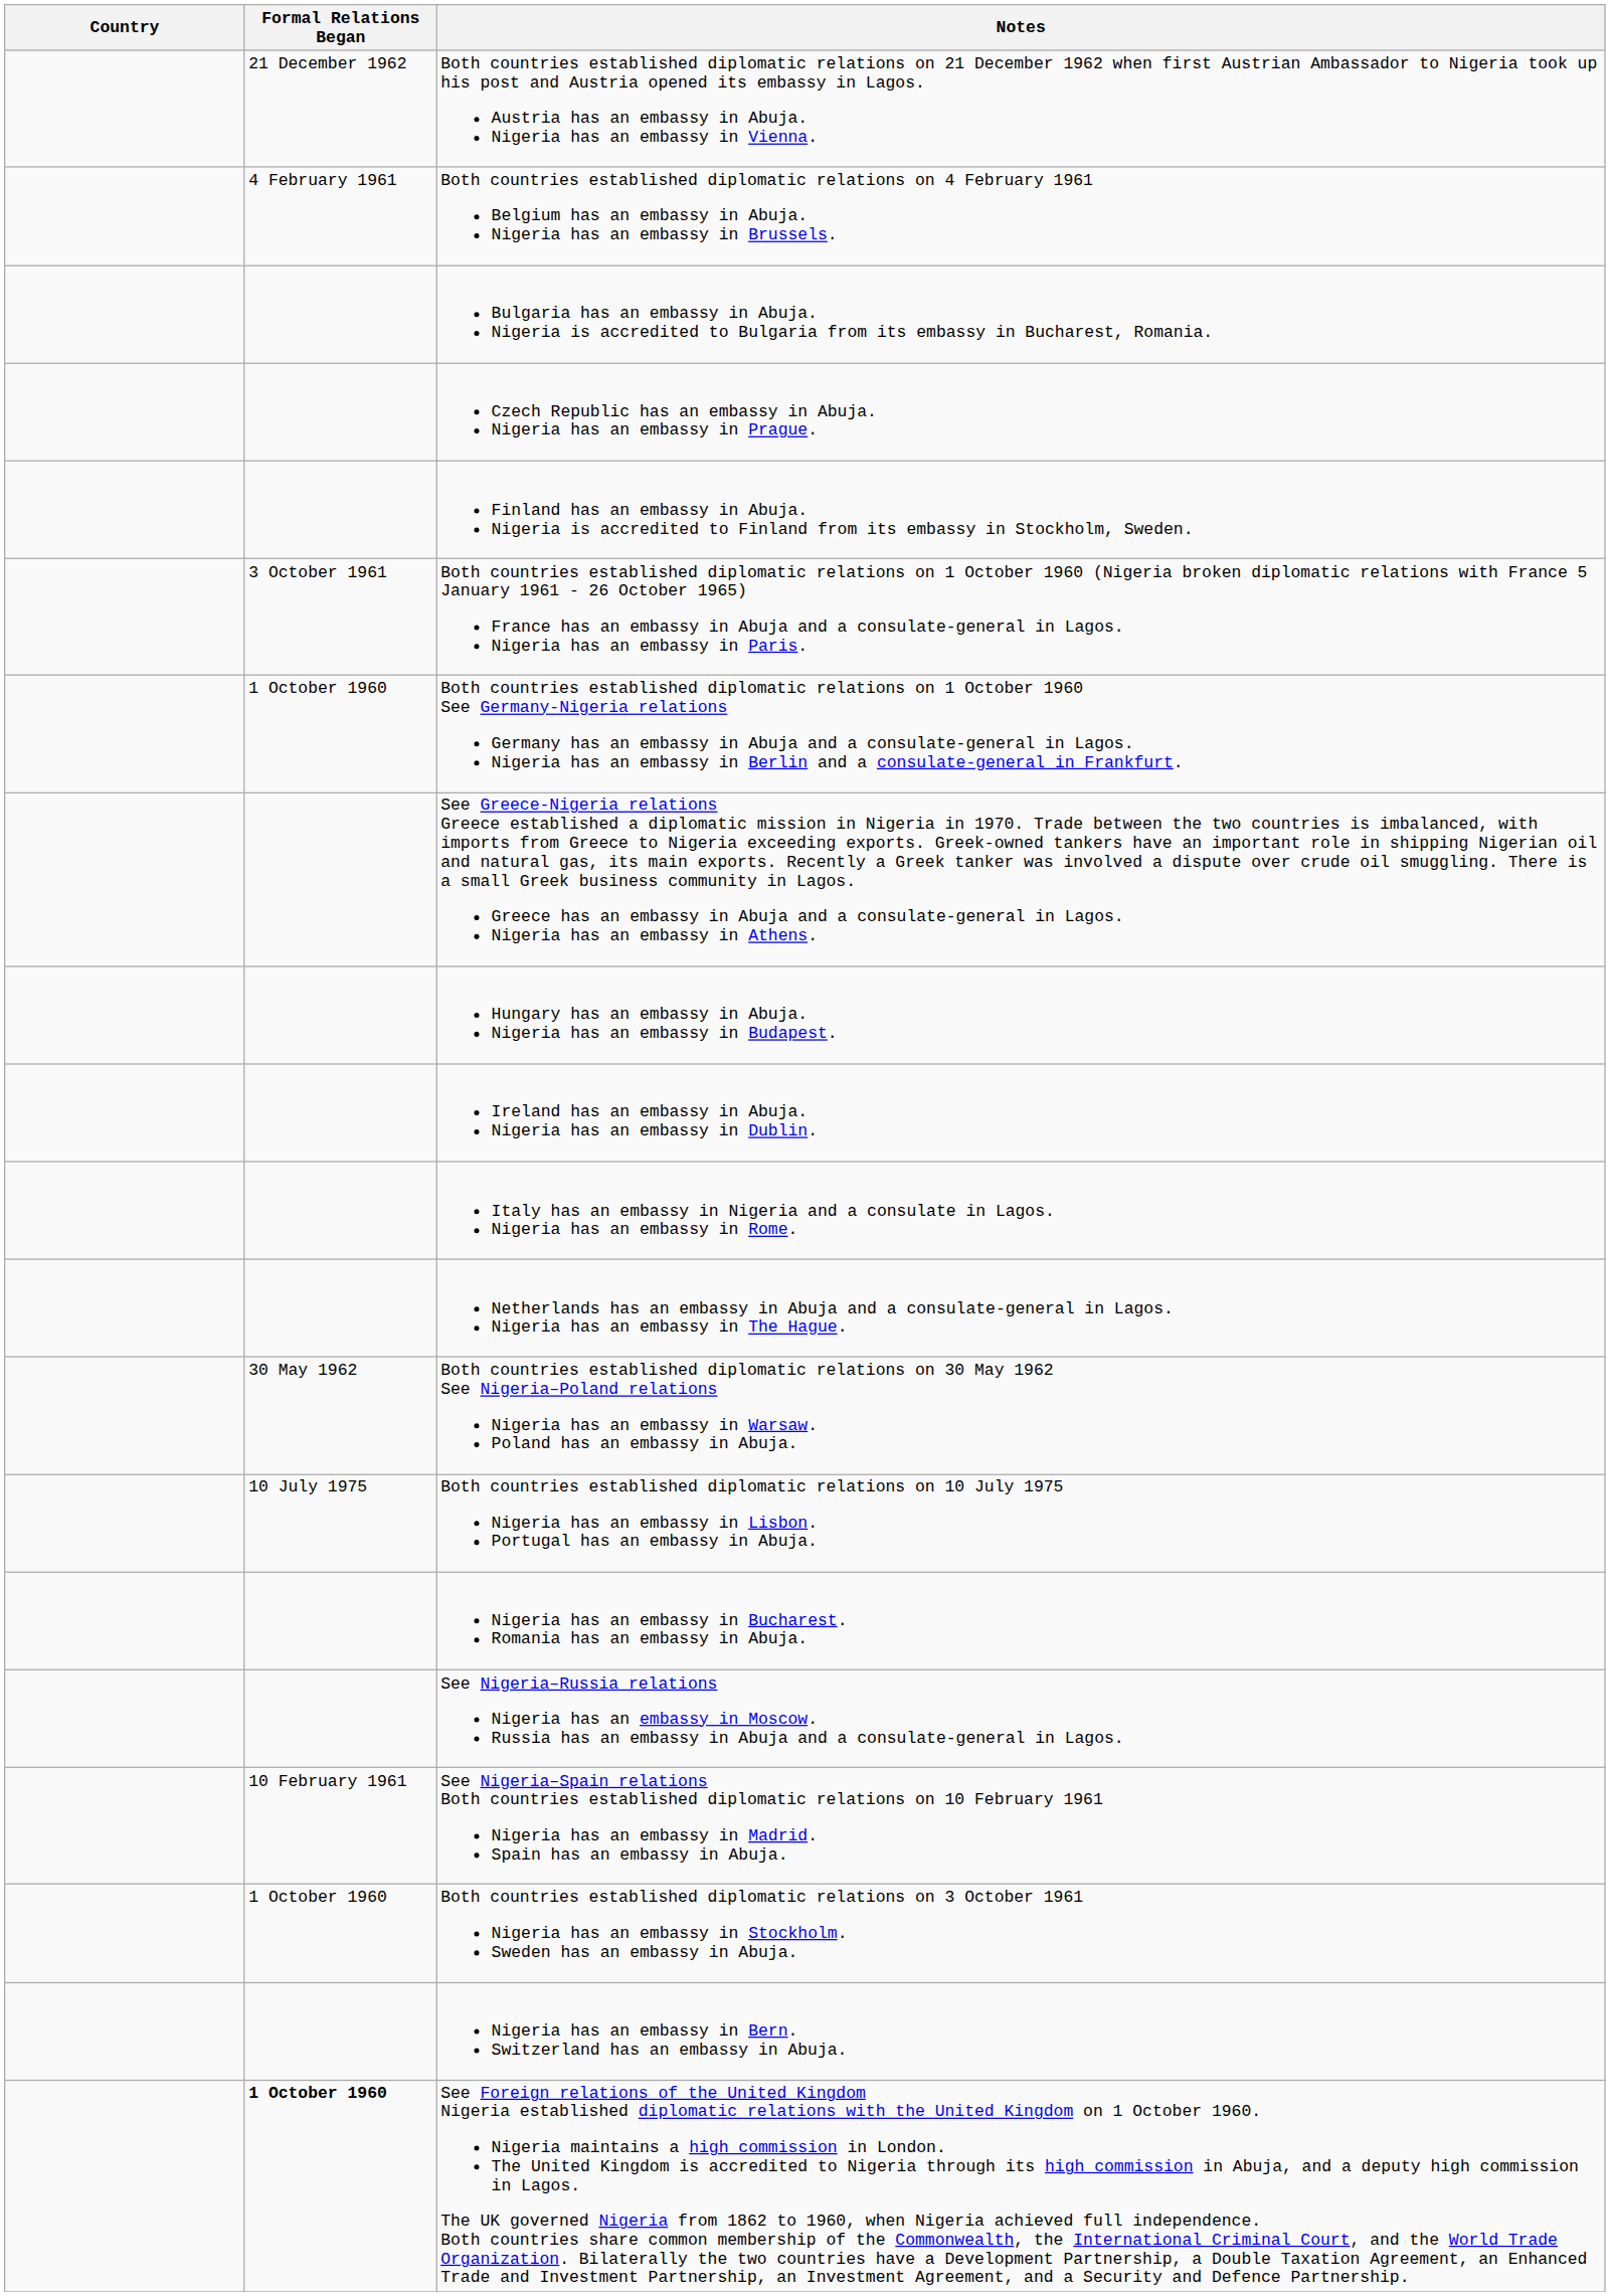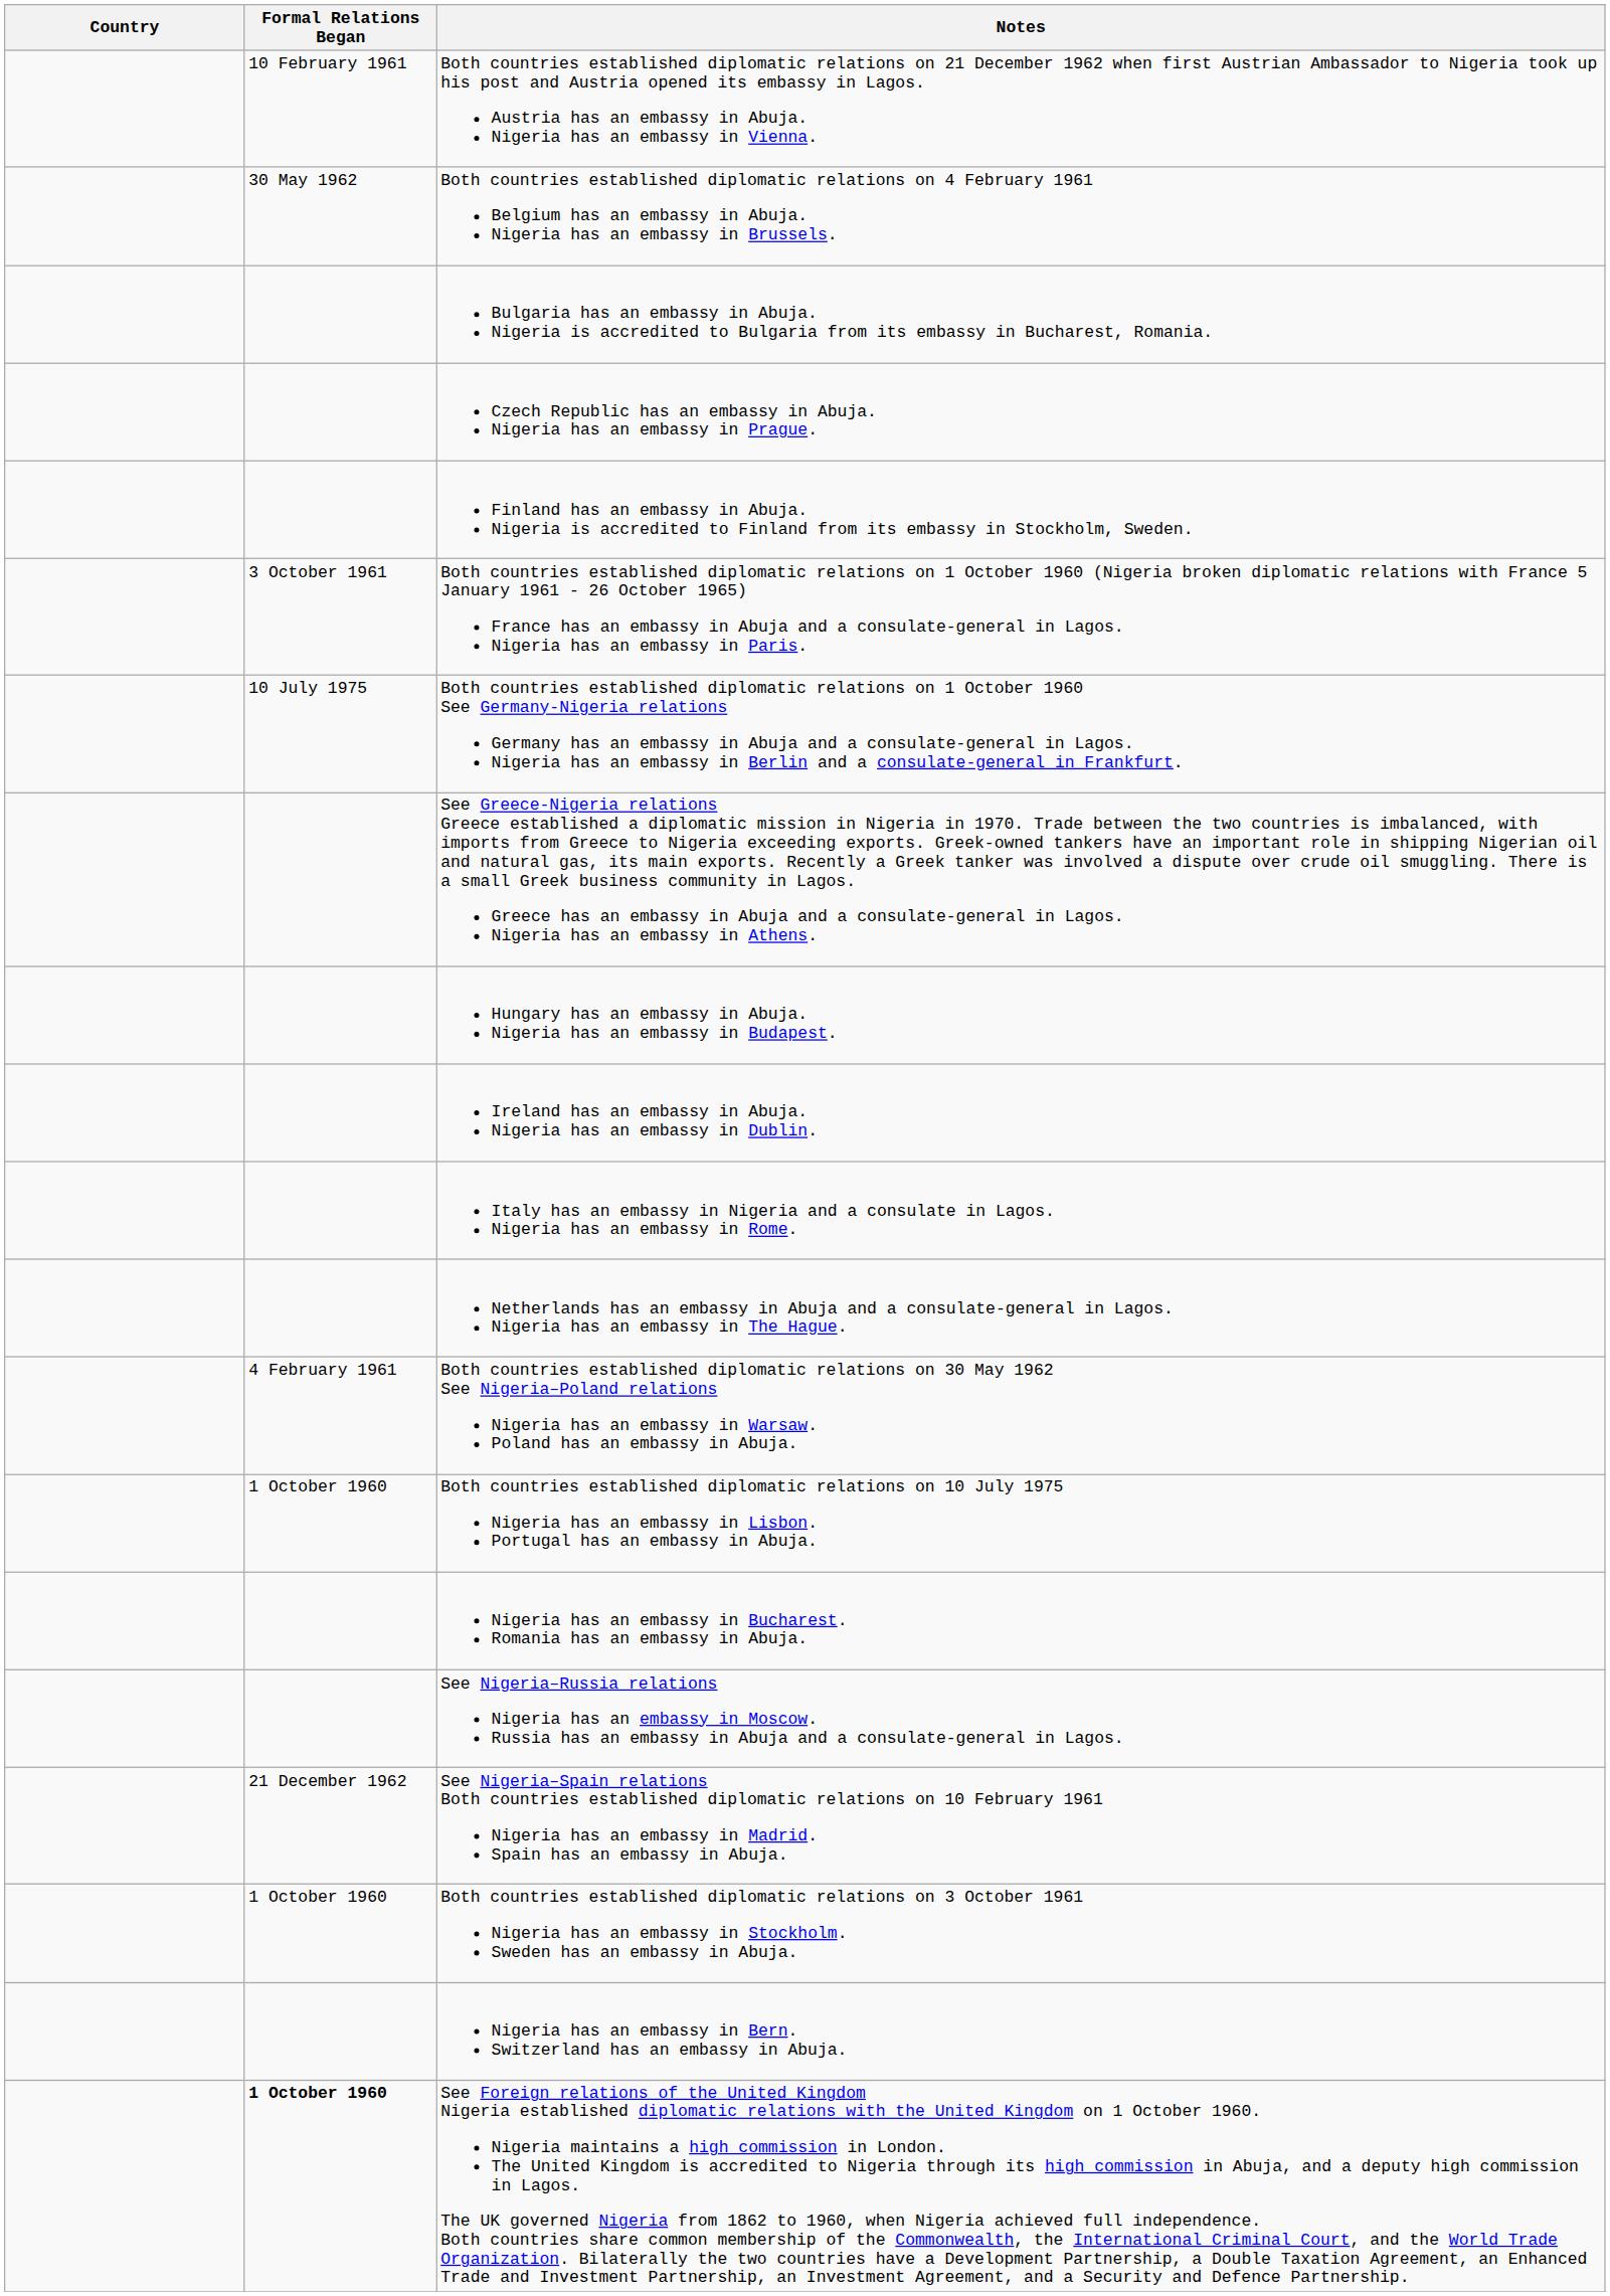 <table class="wikitable sortable" style="width:100%; margin:auto;">
 <tr>
 <th style="width:15%;">Country</th>
 <th style="width:12%;">Formal Relations Began</th>
 <th>Notes</th>
 </tr>
 <tr valign="top">
 <td></td>
-<td>21 December 1962</td>
+<td>10 February 1961</td>
 <td>Both countries established diplomatic relations on 21 December 1962 when first Austrian Ambassador to Nigeria took up his post and Austria opened its embassy in Lagos.<br><ul><li>Austria has an embassy in Abuja.</li><li>Nigeria has an embassy in <a href='#'>Vienna</a>.</li></ul></td>
 </tr>
 <tr valign="top">
 <td></td>
-<td>4 February 1961</td>
+<td>30 May 1962</td>
 <td>Both countries established diplomatic relations on 4 February 1961<br><ul><li>Belgium has an embassy in Abuja.</li><li>Nigeria has an embassy in <a href='#'>Brussels</a>.</li></ul></td>
 </tr>
 <tr valign="top">
 <td></td>
 <td></td>
 <td><br><ul><li>Bulgaria has an embassy in Abuja.</li><li>Nigeria is accredited to Bulgaria from its embassy in Bucharest, Romania.</li></ul></td>
 </tr>
 <tr valign="top">
 <td></td>
 <td></td>
 <td><br><ul><li>Czech Republic has an embassy in Abuja.</li><li>Nigeria has an embassy in <a href='#'>Prague</a>.</li></ul></td>
 </tr>
 <tr valign="top">
 <td></td>
 <td></td>
 <td><br><ul><li>Finland has an embassy in Abuja.</li><li>Nigeria is accredited to Finland from its embassy in Stockholm, Sweden.</li></ul></td>
 </tr>
 <tr valign="top">
 <td></td>
 <td>3 October 1961</td>
 <td>Both countries established diplomatic relations on 1 October 1960 (Nigeria broken diplomatic relations with France 5 January 1961 - 26 October 1965)<br><ul><li>France has an embassy in Abuja and a consulate-general in Lagos.</li><li>Nigeria has an embassy in <a href='#'>Paris</a>.</li></ul></td>
 </tr>
 <tr valign="top">
 <td></td>
-<td>1 October 1960</td>
+<td>10 July 1975</td>
 <td>Both countries established diplomatic relations on 1 October 1960<br>See <a href='#'>Germany-Nigeria relations</a><ul><li>Germany has an embassy in Abuja and a consulate-general in Lagos.</li><li>Nigeria has an embassy in <a href='#'>Berlin</a> and a <a href='#'>consulate-general in Frankfurt</a>.</li></ul></td>
 </tr>
 <tr valign="top">
 <td></td>
 <td></td>
 <td>See <a href='#'>Greece-Nigeria relations</a><br>Greece established a diplomatic mission in Nigeria in 1970. Trade between the two countries is imbalanced, with imports from Greece to Nigeria exceeding exports. Greek-owned tankers have an important role in shipping Nigerian oil and natural gas, its main exports. Recently a Greek tanker was involved a dispute over crude oil smuggling. There is a small Greek business community in Lagos.<ul><li>Greece has an embassy in Abuja and a consulate-general in Lagos.</li><li>Nigeria has an embassy in <a href='#'>Athens</a>.</li></ul></td>
 </tr>
 <tr valign="top">
 <td></td>
 <td></td>
 <td><br><ul><li>Hungary has an embassy in Abuja.</li><li>Nigeria has an embassy in <a href='#'>Budapest</a>.</li></ul></td>
 </tr>
 <tr valign="top">
 <td></td>
 <td></td>
 <td><br><ul><li>Ireland has an embassy in Abuja.</li><li>Nigeria has an embassy in <a href='#'>Dublin</a>.</li></ul></td>
 </tr>
 <tr valign="top">
 <td></td>
 <td></td>
 <td><br><ul><li>Italy has an embassy in Nigeria and a consulate in Lagos.</li><li>Nigeria has an embassy in <a href='#'>Rome</a>.</li></ul></td>
 </tr>
 <tr valign="top">
 <td></td>
 <td></td>
 <td><br><ul><li>Netherlands has an embassy in Abuja and a consulate-general in Lagos.</li><li>Nigeria has an embassy in <a href='#'>The Hague</a>.</li></ul></td>
 </tr>
 <tr valign="top">
 <td></td>
-<td>30 May 1962</td>
+<td>4 February 1961</td>
 <td>Both countries established diplomatic relations on 30 May 1962<br>See <a href='#'>Nigeria–Poland relations</a><ul><li>Nigeria has an embassy in <a href='#'>Warsaw</a>.</li><li>Poland has an embassy in Abuja.</li></ul></td>
 </tr>
 <tr valign="top">
 <td></td>
-<td>10 July 1975</td>
+<td>1 October 1960</td>
 <td>Both countries established diplomatic relations on 10 July 1975<br><ul><li>Nigeria has an embassy in <a href='#'>Lisbon</a>.</li><li>Portugal has an embassy in Abuja.</li></ul></td>
 </tr>
 <tr valign="top">
 <td></td>
 <td></td>
 <td><br><ul><li>Nigeria has an embassy in <a href='#'>Bucharest</a>.</li><li>Romania has an embassy in Abuja.</li></ul></td>
 </tr>
 <tr valign="top">
 <td></td>
 <td></td>
 <td>See <a href='#'>Nigeria–Russia relations</a><br><ul><li>Nigeria has an <a href='#'>embassy in Moscow</a>.</li><li>Russia has an embassy in Abuja and a consulate-general in Lagos.</li></ul></td>
 </tr>
 <tr valign="top">
 <td></td>
-<td>10 February 1961</td>
+<td>21 December 1962</td>
 <td>See <a href='#'>Nigeria–Spain relations</a><br>Both countries established diplomatic relations on 10 February 1961<ul><li>Nigeria has an embassy in <a href='#'>Madrid</a>.</li><li>Spain has an embassy in Abuja.</li></ul></td>
 </tr>
 <tr valign="top">
 <td></td>
 <td>1 October 1960</td>
 <td>Both countries established diplomatic relations on 3 October 1961<br><ul><li>Nigeria has an embassy in <a href='#'>Stockholm</a>.</li><li>Sweden has an embassy in Abuja.</li></ul></td>
 </tr>
 <tr valign="top">
 <td></td>
 <td></td>
 <td><br><ul><li>Nigeria has an embassy in <a href='#'>Bern</a>.</li><li>Switzerland has an embassy in Abuja.</li></ul></td>
 </tr>
 <tr valign="top">
 <td></td>
 <td><strong>1 October 1960</strong></td>
 <td>See <a href='#'>Foreign relations of the United Kingdom</a><br>Nigeria established <a href='#'>diplomatic relations with the United Kingdom</a> on 1 October 1960.<ul><li>Nigeria maintains a <a href='#'>high commission</a> in London.</li><li>The United Kingdom is accredited to Nigeria through its <a href='#'>high commission</a> in Abuja, and a deputy high commission in Lagos.</li></ul>The UK governed <a href='#'>Nigeria</a> from 1862 to 1960, when Nigeria achieved full independence.<br>Both countries share common membership of the <a href='#'>Commonwealth</a>, the <a href='#'>International Criminal Court</a>, and the <a href='#'>World Trade Organization</a>. Bilaterally the two countries have a Development Partnership, a Double Taxation Agreement, an Enhanced Trade and Investment Partnership, an Investment Agreement, and a Security and Defence Partnership.</td>
 </tr>
 </table>
